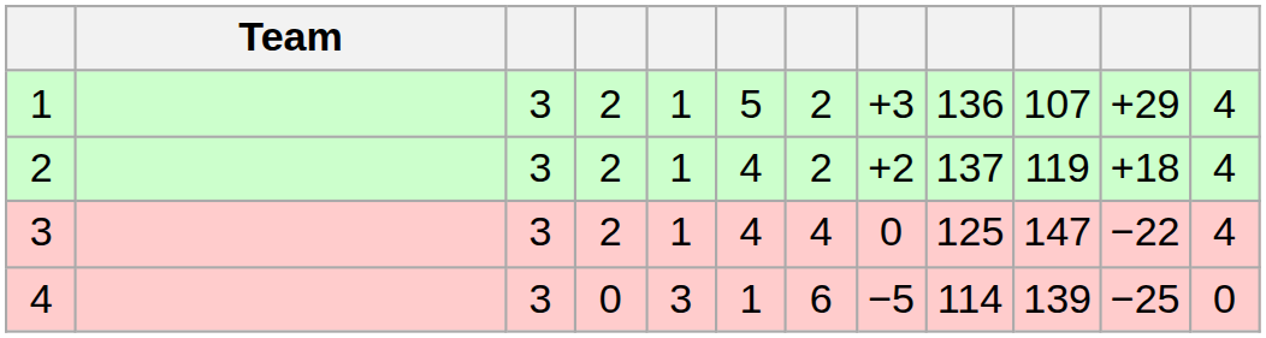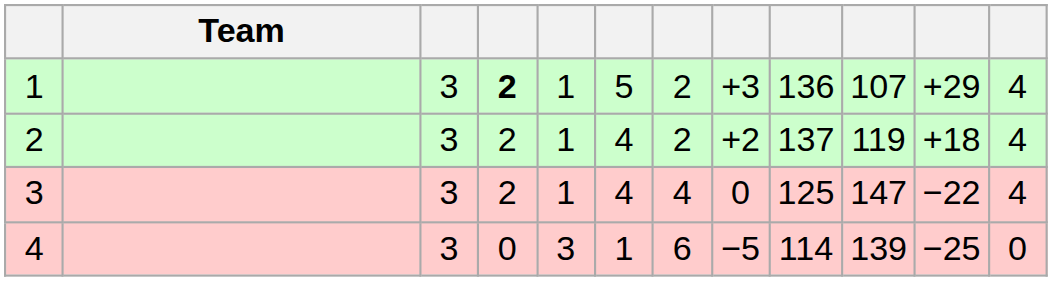 <table class=wikitable style="text-align: center;">
 <tr>
 <th style="width: 20px;"></th>
 <th style="width: 160px;">Team</th>
 <th style="width: 20px;"></th>
 <th style="width: 20px;"></th>
 <th style="width: 20px;"></th>
 <th style="width: 20px;"></th>
 <th style="width: 20px;"></th>
 <th style="width: 20px;"></th>
 <th style="width: 20px;"></th>
 <th style="width: 20px;"></th>
 <th style="width: 20px;"></th>
 <th style="width: 20px;"></th>
 </tr>
 <tr style="background: #CCFFCC;">
 <td>1</td>
 <td style="text-align: left;"></td>
 <td>3</td>
-<td>2</td>
+<td><strong>2</strong></td>
 <td>1</td>
 <td>5</td>
 <td>2</td>
 <td>+3</td>
 <td>136</td>
 <td>107</td>
 <td>+29</td>
 <td>4</td>
 </tr>
 <tr style="background: #CCFFCC;">
 <td>2</td>
 <td style="text-align: left;"></td>
 <td>3</td>
 <td>2</td>
 <td>1</td>
 <td>4</td>
 <td>2</td>
 <td>+2</td>
 <td>137</td>
 <td>119</td>
 <td>+18</td>
 <td>4</td>
 </tr>
 <tr style="background: #FFCCCC;">
 <td>3</td>
 <td style="text-align: left;"></td>
 <td>3</td>
 <td>2</td>
 <td>1</td>
 <td>4</td>
 <td>4</td>
 <td>0</td>
 <td>125</td>
 <td>147</td>
 <td>−22</td>
 <td>4</td>
 </tr>
 <tr style="background: #FFCCCC;">
 <td>4</td>
 <td style="text-align: left;"></td>
 <td>3</td>
 <td>0</td>
 <td>3</td>
 <td>1</td>
 <td>6</td>
 <td>−5</td>
 <td>114</td>
 <td>139</td>
 <td>−25</td>
 <td>0</td>
 </tr>
 </table>
